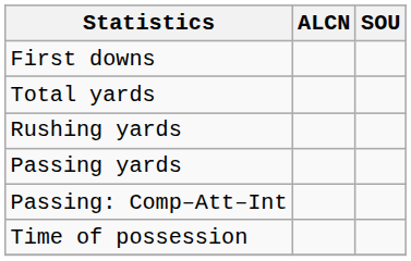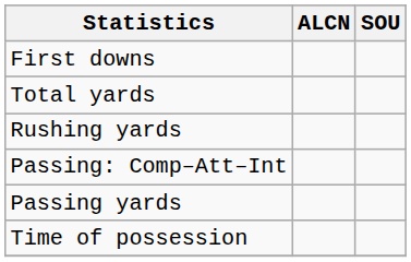 <table class="wikitable" style="float: left;">
 <tr>
 <th>Statistics</th>
 <th>ALCN</th>
 <th>SOU</th>
 </tr>
 <tr>
 <td>First downs</td>
 <td></td>
 <td></td>
 </tr>
 <tr>
 <td>Total yards</td>
 <td></td>
 <td></td>
 </tr>
 <tr>
 <td>Rushing yards</td>
 <td></td>
 <td></td>
 </tr>
 <tr>
-<td>Passing yards</td>
+<td>Passing: Comp–Att–Int</td>
 <td></td>
 <td></td>
 </tr>
 <tr>
-<td>Passing: Comp–Att–Int</td>
+<td>Passing yards</td>
 <td></td>
 <td></td>
 </tr>
 <tr>
 <td>Time of possession</td>
 <td></td>
 <td></td>
 </tr>
 <tr>
 </tr>
 </table>
